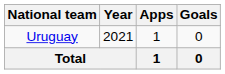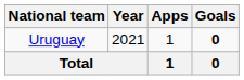 <table class="wikitable" style="text-align:center">
 <tr>
 <th>National team</th>
 <th>Year</th>
 <th>Apps</th>
 <th>Goals</th>
 </tr>
 <tr>
 <td rowspan="1"><a href='#'>Uruguay</a></td>
 <td>2021</td>
 <td>1</td>
-<td>0</td>
+<td><strong>0</strong></td>
 </tr>
 <tr>
 <th colspan="2">Total</th>
 <th>1</th>
 <th>0</th>
 </tr>
 </table>
